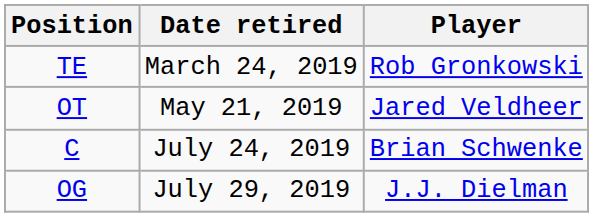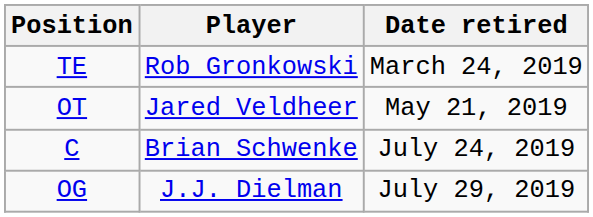 <table class="wikitable" style="text-align:center">
 <tr>
 <th>Position</th>
+<th>Player</th>
 <th>Date retired</th>
-<th>Player</th>
 </tr>
 <tr>
 <td><a href='#'>TE</a></td>
+<td><a href='#'>Rob Gronkowski</a></td>
 <td>March 24, 2019</td>
-<td><a href='#'>Rob Gronkowski</a></td>
 </tr>
 <tr>
 <td><a href='#'>OT</a></td>
+<td><a href='#'>Jared Veldheer</a></td>
 <td>May 21, 2019</td>
-<td><a href='#'>Jared Veldheer</a></td>
 </tr>
 <tr>
 <td><a href='#'>C</a></td>
+<td><a href='#'>Brian Schwenke</a></td>
 <td>July 24, 2019</td>
-<td><a href='#'>Brian Schwenke</a></td>
 </tr>
 <tr>
 <td><a href='#'>OG</a></td>
+<td><a href='#'>J.J. Dielman</a></td>
 <td>July 29, 2019</td>
-<td><a href='#'>J.J. Dielman</a></td>
 </tr>
 </table>
